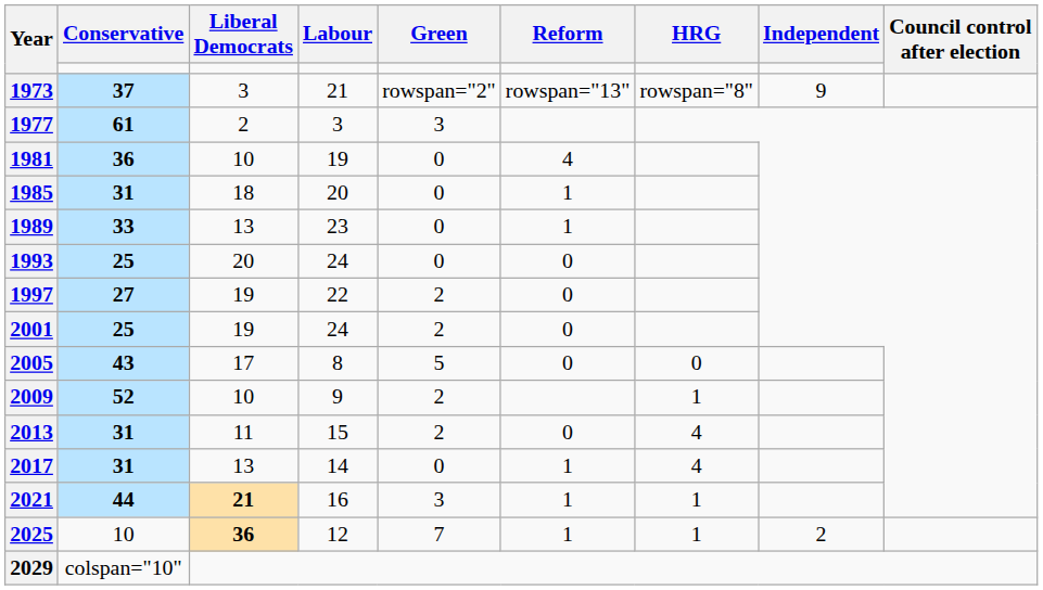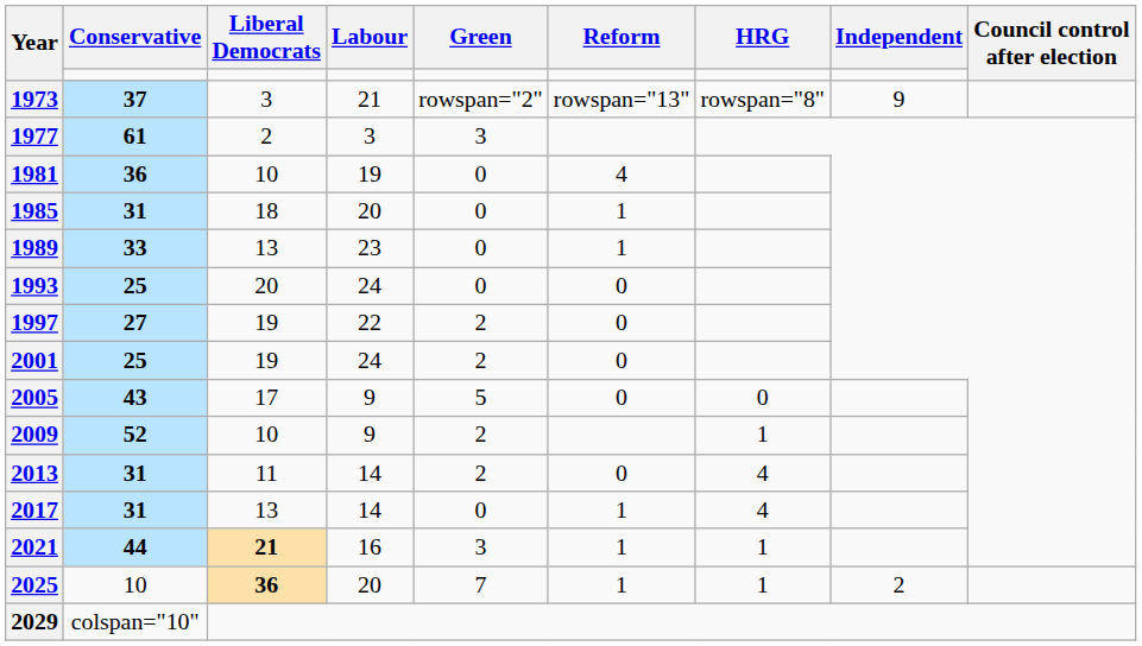 <table class="wikitable plainrowheaders" style="text-align:center">
 <tr>
 <th scope="col" rowspan="2">Year</th>
 <th scope="col"><a href='#'>Conservative</a></th>
 <th scope="col" style="width:1px"><a href='#'>Liberal Democrats</a></th>
 <th scope="col"><a href='#'>Labour</a></th>
 <th scope="col"><a href='#'>Green</a></th>
 <th scope="col"><a href='#'>Reform</a></th>
 <th scope="col"><a href='#'>HRG</a></th>
 <th scope="col"><a href='#'>Independent</a></th>
 <th scope="col" rowspan="2" colspan="2">Council control<br>after election</th>
 </tr>
 <tr>
 <td style="background:"></td>
 <td style="background:"></td>
 <td style="background:"></td>
 <td style="background:"></td>
 <td style="background:"></td>
 <td style="background:"></td>
 <td style="background:"></td>
 </tr>
 <tr>
 <th scope="row"><a href='#'>1973</a></th>
 <td style="background:#B9E4FF;"><strong>37</strong></td>
 <td>3</td>
 <td>21</td>
 <td>rowspan="2" </td>
 <td>rowspan="13" </td>
 <td>rowspan="8" </td>
 <td>9</td>
 <td></td>
 </tr>
 <tr>
 <th scope="row"><a href='#'>1977</a></th>
 <td style="background:#B9E4FF;"><strong>61</strong></td>
 <td>2</td>
 <td>3</td>
 <td>3</td>
 <td></td>
 </tr>
 <tr>
 <th scope="row"><a href='#'>1981</a></th>
 <td style="background:#B9E4FF;"><strong>36</strong></td>
 <td>10</td>
 <td>19</td>
 <td>0</td>
 <td>4</td>
 <td></td>
 </tr>
 <tr>
 <th scope="row"><a href='#'>1985</a></th>
 <td style="background:#B9E4FF;"><strong>31</strong></td>
 <td>18</td>
 <td>20</td>
 <td>0</td>
 <td>1</td>
 <td></td>
 </tr>
 <tr>
 <th scope="row"><a href='#'>1989</a></th>
 <td style="background:#B9E4FF;"><strong>33</strong></td>
 <td>13</td>
 <td>23</td>
 <td>0</td>
 <td>1</td>
 <td></td>
 </tr>
 <tr>
 <th scope="row"><a href='#'>1993</a></th>
 <td style="background:#B9E4FF;"><strong>25</strong></td>
 <td>20</td>
 <td>24</td>
 <td>0</td>
 <td>0</td>
 <td></td>
 </tr>
 <tr>
 <th scope="row"><a href='#'>1997</a></th>
 <td style="background:#B9E4FF;"><strong>27</strong></td>
 <td>19</td>
 <td>22</td>
 <td>2</td>
 <td>0</td>
 <td></td>
 </tr>
 <tr>
 <th scope="row"><a href='#'>2001</a></th>
 <td style="background:#B9E4FF;"><strong>25</strong></td>
 <td>19</td>
 <td>24</td>
 <td>2</td>
 <td>0</td>
 <td></td>
 </tr>
 <tr>
 <th scope="row"><a href='#'>2005</a></th>
 <td style="background:#B9E4FF;"><strong>43</strong></td>
 <td>17</td>
-<td>8</td>
+<td>9</td>
 <td>5</td>
 <td>0</td>
 <td>0</td>
 <td></td>
 </tr>
 <tr>
 <th scope="row"><a href='#'>2009</a></th>
 <td style="background:#B9E4FF;"><strong>52</strong></td>
 <td>10</td>
 <td>9</td>
 <td>2</td>
 <td></td>
 <td>1</td>
 <td></td>
 </tr>
 <tr>
 <th scope="row"><a href='#'>2013</a></th>
 <td style="background:#B9E4FF;"><strong>31</strong></td>
 <td>11</td>
-<td>15</td>
+<td>14</td>
 <td>2</td>
 <td>0</td>
 <td>4</td>
 <td></td>
 </tr>
 <tr>
 <th scope="row"><a href='#'>2017</a></th>
 <td style="background:#B9E4FF;"><strong>31</strong></td>
 <td>13</td>
 <td>14</td>
 <td>0</td>
 <td>1</td>
 <td>4</td>
 <td></td>
 </tr>
 <tr>
 <th scope="row"><a href='#'>2021</a></th>
 <td style="background:#B9E4FF;"><strong>44</strong></td>
 <td style="background:#FEE1A8"><strong>21</strong></td>
 <td>16</td>
 <td>3</td>
 <td>1</td>
 <td>1</td>
 <td></td>
 </tr>
 <tr>
 <th scope="row"><a href='#'>2025</a></th>
 <td>10</td>
 <td style="background:#FEE1A8"><strong>36</strong></td>
-<td>12</td>
+<td>20</td>
 <td>7</td>
 <td>1</td>
 <td>1</td>
 <td>2</td>
 <td></td>
 </tr>
 <tr>
 <th scope="row">2029</th>
 <td>colspan="10" </td>
 </tr>
 </table>
